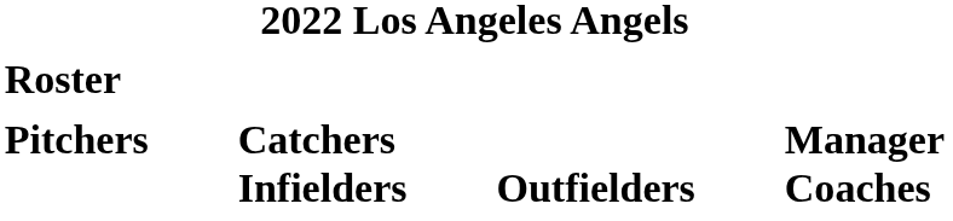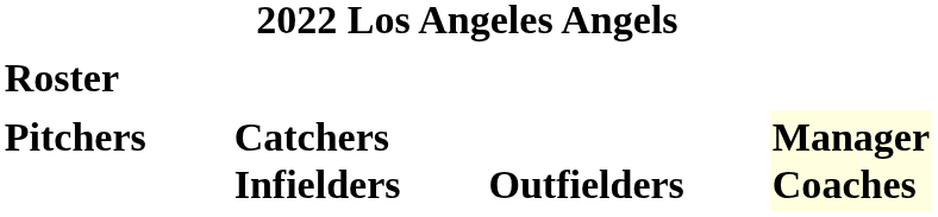 <table class="toccolours" style="font-size: 95%;">
 <tr>
 <th colspan="10">2022 Los Angeles Angels</th>
 </tr>
 <tr>
 <td colspan="10"><strong>Roster</strong></td>
 </tr>
 <tr>
 <td valign="top"><strong>Pitchers</strong><br>                               </td>
 <td width="25px"></td>
 <td valign="top"><strong>Catchers</strong><br>      <strong>Infielders</strong>               </td>
 <td width="25px"></td>
 <td valign="top"><br><strong>Outfielders</strong>            </td>
 <td width="25px"></td>
-<td valign="top"><strong>Manager</strong><br>  <strong>Coaches</strong>                              </td>
+<td valign="top" style="background: lightyellow;"><strong>Manager</strong><br>  <strong>Coaches</strong>                              </td>
 </tr>
 </table>
